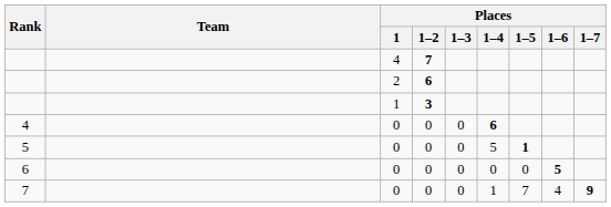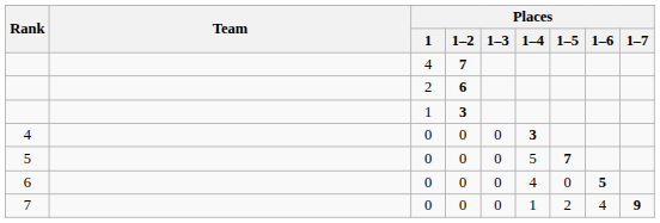 <table class="wikitable" style="text-align:center">
 <tr>
 <th rowspan="2" width=40>Rank</th>
 <th rowspan="2" width=380>Team</th>
 <th colspan="7">Places</th>
 </tr>
 <tr>
 <th width=30>1</th>
 <th width=30>1–2</th>
 <th width=30>1–3</th>
 <th width=30>1–4</th>
 <th width=30>1–5</th>
 <th width=30>1–6</th>
 <th width=30>1–7</th>
 </tr>
 <tr>
 <td></td>
 <td align=left></td>
 <td>4</td>
 <td><strong>7</strong></td>
 <td></td>
 <td></td>
 <td></td>
 <td></td>
 <td></td>
 </tr>
 <tr>
 <td></td>
 <td align=left></td>
 <td>2</td>
 <td><strong>6</strong></td>
 <td></td>
 <td></td>
 <td></td>
 <td></td>
 <td></td>
 </tr>
 <tr>
 <td></td>
 <td align=left></td>
 <td>1</td>
 <td><strong>3</strong></td>
 <td></td>
 <td></td>
 <td></td>
 <td></td>
 <td></td>
 </tr>
 <tr>
 <td>4</td>
 <td align=left></td>
 <td>0</td>
 <td>0</td>
 <td>0</td>
-<td><strong>6</strong></td>
+<td><strong>3</strong></td>
 <td></td>
 <td></td>
 <td></td>
 </tr>
 <tr>
 <td>5</td>
 <td align=left></td>
 <td>0</td>
 <td>0</td>
 <td>0</td>
 <td>5</td>
-<td><strong>1</strong></td>
+<td><strong>7</strong></td>
 <td></td>
 <td></td>
 </tr>
 <tr>
 <td>6</td>
 <td align=left></td>
 <td>0</td>
 <td>0</td>
 <td>0</td>
-<td>0</td>
+<td>4</td>
 <td>0</td>
 <td><strong>5</strong></td>
 <td></td>
 </tr>
 <tr>
 <td>7</td>
 <td align=left></td>
 <td>0</td>
 <td>0</td>
 <td>0</td>
 <td>1</td>
-<td>7</td>
+<td>2</td>
 <td>4</td>
 <td><strong>9</strong></td>
 </tr>
 </table>
